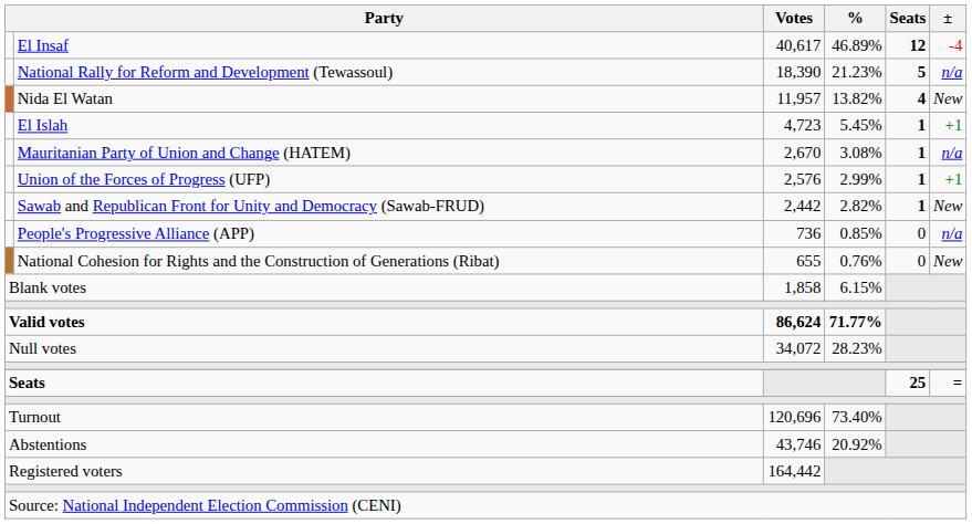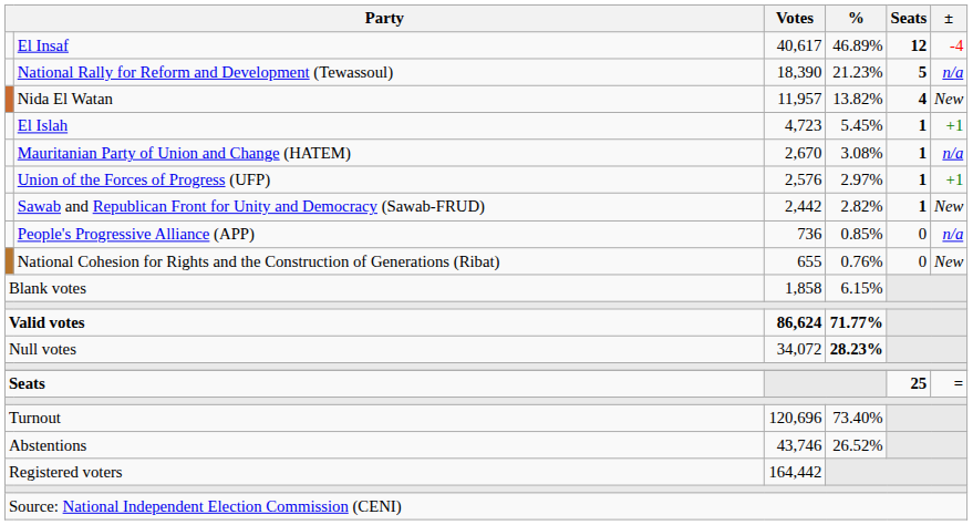 <table class="wikitable" style="text-align:right;font-size:95%;">
 <tr>
 <th width="700" colspan="2">Party</th>
 <th width="50">Votes</th>
 <th width="50">%</th>
 <th width="25">Seats</th>
 <th width="20">±</th>
 </tr>
 <tr>
 <td width="1" style="color:inherit;background:"></td>
 <td style="text-align:left;"><a href='#'>El Insaf</a></td>
 <td>40,617</td>
 <td>46.89%</td>
 <td><strong>12</strong></td>
 <td style="color:red;">-4</td>
 </tr>
 <tr>
 <td width="1" style="color:inherit;background:"></td>
 <td style="text-align:left;"><a href='#'>National Rally for Reform and Development</a> (Tewassoul)</td>
 <td>18,390</td>
 <td>21.23%</td>
 <td><strong>5</strong></td>
 <td><em><a href='#'>n/a</a></em></td>
 </tr>
 <tr>
 <td width="1" style="color:inherit;background:#C96A2F;"></td>
 <td style="text-align:left;">Nida El Watan</td>
 <td>11,957</td>
 <td>13.82%</td>
 <td><strong>4</strong></td>
 <td><em>New</em></td>
 </tr>
 <tr>
 <td width="1" style="color:inherit;background:"></td>
 <td style="text-align:left;"><a href='#'>El Islah</a></td>
 <td>4,723</td>
 <td>5.45%</td>
 <td><strong>1</strong></td>
 <td style="color:green;">+1</td>
 </tr>
 <tr>
 <td width="1" style="color:inherit;background:"></td>
 <td style="text-align:left;"><a href='#'>Mauritanian Party of Union and Change</a> (HATEM)</td>
 <td>2,670</td>
 <td>3.08%</td>
 <td><strong>1</strong></td>
 <td><em><a href='#'>n/a</a></em></td>
 </tr>
 <tr>
 <td width="1" style="color:inherit;background:"></td>
 <td style="text-align:left;"><a href='#'>Union of the Forces of Progress</a> (UFP)</td>
 <td>2,576</td>
-<td>2.99%</td>
+<td>2.97%</td>
 <td><strong>1</strong></td>
 <td style="color:green;">+1</td>
 </tr>
 <tr>
 <td width="1" style="color:inherit;background:"></td>
 <td style="text-align:left;"><a href='#'>Sawab</a> and <a href='#'>Republican Front for Unity and Democracy</a> (Sawab-FRUD)</td>
 <td>2,442</td>
 <td>2.82%</td>
 <td><strong>1</strong></td>
 <td><em>New</em></td>
 </tr>
 <tr>
 <td width="1" style="color:inherit;background:"></td>
 <td style="text-align:left;"><a href='#'>People's Progressive Alliance</a> (APP)</td>
 <td>736</td>
 <td>0.85%</td>
 <td>0</td>
 <td><em><a href='#'>n/a</a></em></td>
 </tr>
 <tr>
 <td width="1" style="color:inherit;background:#B7752C;"></td>
 <td style="text-align:left;">National Cohesion for Rights and the Construction of Generations (Ribat)</td>
 <td>655</td>
 <td>0.76%</td>
 <td>0</td>
 <td><em>New</em></td>
 </tr>
 <tr>
 <td colspan="2" style="text-align:left;">Blank votes</td>
 <td>1,858</td>
 <td>6.15%</td>
 <td colspan="2" style="background:#E9E9E9;"></td>
 </tr>
 <tr>
 <td colspan="6" style="background:#E9E9E9;"></td>
 </tr>
 <tr style="font-weight:bold;">
 <td colspan="2" style="text-align:left;">Valid votes</td>
 <td>86,624</td>
 <td>71.77%</td>
 <td colspan="2" style="background:#E9E9E9;"></td>
 </tr>
 <tr>
 <td colspan="2" style="text-align:left;">Null votes</td>
 <td>34,072</td>
-<td>28.23%</td>
+<td><strong>28.23%</strong></td>
 <td colspan="2" style="background:#E9E9E9;"></td>
 </tr>
 <tr>
 <td colspan="6" style="background:#E9E9E9;"></td>
 </tr>
 <tr>
 </tr>
 <tr style="font-weight:bold;">
 <td colspan="2" style="text-align:left;">Seats</td>
 <td colspan="2" style="background:#E9E9E9;"></td>
 <td>25</td>
 <td>=</td>
 </tr>
 <tr>
 <td colspan="6" style="background:#E9E9E9;"></td>
 </tr>
 <tr>
 <td colspan="2" style="text-align:left;">Turnout</td>
 <td>120,696</td>
 <td>73.40%</td>
 <td colspan="2" style="background:#E9E9E9;"></td>
 </tr>
 <tr>
 <td colspan="2" style="text-align:left;">Abstentions</td>
 <td>43,746</td>
-<td>20.92%</td>
+<td>26.52%</td>
 <td colspan="2" style="background:#E9E9E9;"></td>
 </tr>
 <tr>
 <td colspan="2" style="text-align:left;">Registered voters</td>
 <td>164,442</td>
 <td colspan="3" style="background:#E9E9E9;"></td>
 </tr>
 <tr>
 <td colspan="6" style="background:#E9E9E9;"></td>
 </tr>
 <tr>
 <td colspan="6" style="text-align:left;">Source: <a href='#'>National Independent Election Commission</a> (CENI)</td>
 </tr>
 </table>
